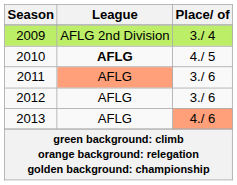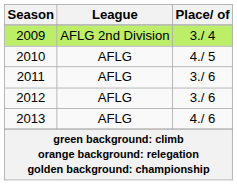 <table class="wikitable float-right" style="text-align:center;">
 <tr>
 <th>Season</th>
 <th>League</th>
 <th>Place/ of</th>
 </tr>
 <tr>
 </tr>
 <tr bgcolor="#BCEE68">
 <td>2009</td>
 <td>AFLG 2nd Division</td>
 <td>3./ 4</td>
 </tr>
 <tr>
 <td>2010</td>
-<td><strong>AFLG</strong></td>
+<td>AFLG</td>
 <td>4./ 5</td>
 </tr>
 <tr>
 <td>2011</td>
-<td style="background: lightsalmon;">AFLG</td>
+<td>AFLG</td>
 <td>3./ 6</td>
 </tr>
 <tr>
 <td>2012</td>
 <td>AFLG</td>
 <td>3./ 6</td>
 </tr>
 <tr>
 <td>2013</td>
 <td>AFLG</td>
-<td style="background: lightsalmon;">4./ 6</td>
+<td>4./ 6</td>
 </tr>
 <tr>
 </tr>
 <tr>
 <th colspan="4"><small>green background: climb<br>orange background: relegation<br>golden background: championship</small></th>
 </tr>
 </table>
